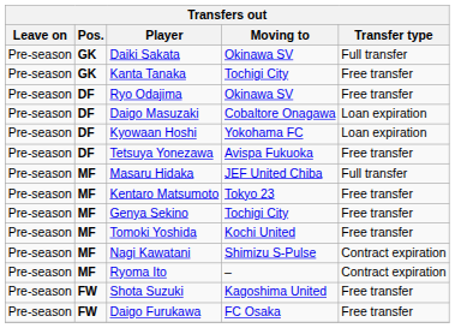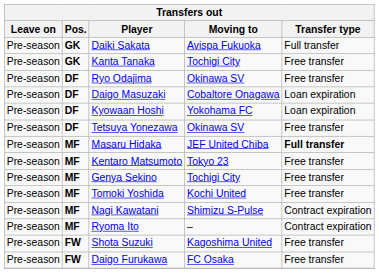 <table class="wikitable sortable" style=“text-align:left;>
 <tr>
 <th colspan="5">Transfers out</th>
 </tr>
 <tr>
 <th>Leave on</th>
 <th>Pos.</th>
 <th>Player</th>
 <th>Moving to</th>
 <th>Transfer type</th>
 </tr>
 <tr>
 <td>Pre-season</td>
 <td><strong>GK</strong></td>
 <td> <a href='#'>Daiki Sakata</a></td>
-<td> <a href='#'>Okinawa SV</a></td>
+<td> <a href='#'>Avispa Fukuoka</a></td>
 <td>Full transfer</td>
 </tr>
 <tr>
 <td>Pre-season</td>
 <td><strong>GK</strong></td>
 <td> <a href='#'>Kanta Tanaka</a></td>
 <td> <a href='#'>Tochigi City</a></td>
 <td>Free transfer</td>
 </tr>
 <tr>
 <td>Pre-season</td>
 <td><strong>DF</strong></td>
 <td> <a href='#'>Ryo Odajima</a></td>
 <td> <a href='#'>Okinawa SV</a></td>
 <td>Free transfer</td>
 </tr>
 <tr>
 <td>Pre-season</td>
 <td><strong>DF</strong></td>
 <td> <a href='#'>Daigo Masuzaki</a></td>
 <td> <a href='#'>Cobaltore Onagawa</a></td>
 <td>Loan expiration</td>
 </tr>
 <tr>
 <td>Pre-season</td>
 <td><strong>DF</strong></td>
 <td> <a href='#'>Kyowaan Hoshi</a></td>
 <td> <a href='#'>Yokohama FC</a></td>
 <td>Loan expiration</td>
 </tr>
 <tr>
 <td>Pre-season</td>
 <td><strong>DF</strong></td>
 <td> <a href='#'>Tetsuya Yonezawa</a></td>
-<td> <a href='#'>Avispa Fukuoka</a></td>
+<td> <a href='#'>Okinawa SV</a></td>
 <td>Free transfer</td>
 </tr>
 <tr>
 <td>Pre-season</td>
 <td><strong>MF</strong></td>
 <td> <a href='#'>Masaru Hidaka</a></td>
 <td> <a href='#'>JEF United Chiba</a></td>
-<td>Full transfer</td>
+<td><strong>Full transfer</strong></td>
 </tr>
 <tr>
 <td>Pre-season</td>
 <td><strong>MF</strong></td>
 <td> <a href='#'>Kentaro Matsumoto</a></td>
 <td> <a href='#'>Tokyo 23</a></td>
 <td>Free transfer</td>
 </tr>
 <tr>
 <td>Pre-season</td>
 <td><strong>MF</strong></td>
 <td> <a href='#'>Genya Sekino</a></td>
 <td> <a href='#'>Tochigi City</a></td>
 <td>Free transfer</td>
 </tr>
 <tr>
 <td>Pre-season</td>
 <td><strong>MF</strong></td>
 <td> <a href='#'>Tomoki Yoshida</a></td>
 <td> <a href='#'>Kochi United</a></td>
 <td>Free transfer</td>
 </tr>
 <tr>
 <td>Pre-season</td>
 <td><strong>MF</strong></td>
 <td> <a href='#'>Nagi Kawatani</a></td>
 <td> <a href='#'>Shimizu S-Pulse</a></td>
 <td>Contract expiration</td>
 </tr>
 <tr>
 <td>Pre-season</td>
 <td><strong>MF</strong></td>
 <td> <a href='#'>Ryoma Ito</a></td>
 <td>–</td>
 <td>Contract expiration</td>
 </tr>
 <tr>
 <td>Pre-season</td>
 <td><strong>FW</strong></td>
 <td> <a href='#'>Shota Suzuki</a></td>
 <td> <a href='#'>Kagoshima United</a></td>
 <td>Free transfer</td>
 </tr>
 <tr>
 <td>Pre-season</td>
 <td><strong>FW</strong></td>
 <td> <a href='#'>Daigo Furukawa</a></td>
 <td> <a href='#'>FC Osaka</a></td>
 <td>Free transfer</td>
 </tr>
 <tr>
 </tr>
 </table>
